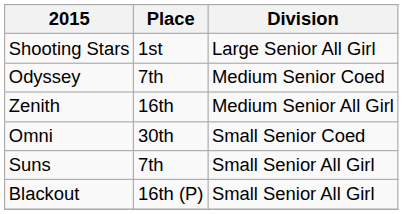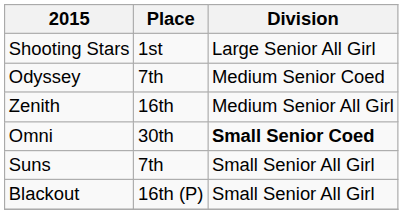 <table class="wikitable">
 <tr>
 <th>2015</th>
 <th>Place</th>
 <th>Division</th>
 </tr>
 <tr>
 <td>Shooting Stars</td>
 <td>1st</td>
 <td>Large Senior All Girl</td>
 </tr>
 <tr>
 <td>Odyssey</td>
 <td>7th</td>
 <td>Medium Senior Coed</td>
 </tr>
 <tr>
 <td>Zenith</td>
 <td>16th</td>
 <td>Medium Senior All Girl</td>
 </tr>
 <tr>
 <td>Omni</td>
 <td>30th</td>
-<td>Small Senior Coed</td>
+<td><strong>Small Senior Coed</strong></td>
 </tr>
 <tr>
 <td>Suns</td>
 <td>7th</td>
 <td>Small Senior All Girl</td>
 </tr>
 <tr>
 <td>Blackout</td>
 <td>16th (P)</td>
 <td>Small Senior All Girl</td>
 </tr>
 <tr>
 </tr>
 </table>
